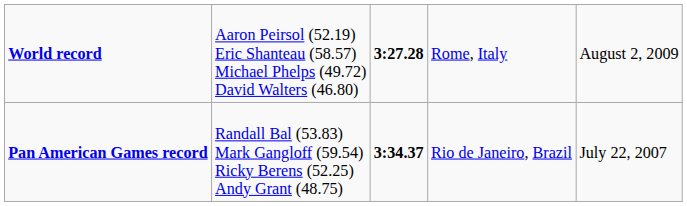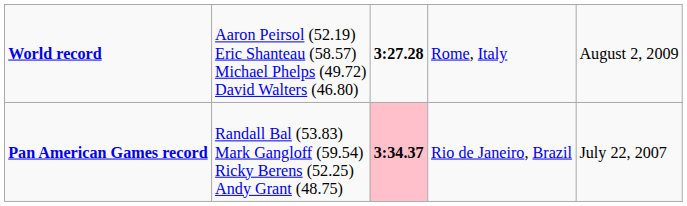 <table class="wikitable">
 <tr>
 <td><strong><a href='#'>World record</a></strong></td>
 <td><br><a href='#'>Aaron Peirsol</a> (52.19)<br><a href='#'>Eric Shanteau</a> (58.57)<br><a href='#'>Michael Phelps</a> (49.72)<br><a href='#'>David Walters</a> (46.80)</td>
 <td><strong>3:27.28</strong></td>
 <td><a href='#'>Rome</a>, <a href='#'>Italy</a></td>
 <td>August 2, 2009</td>
 </tr>
 <tr>
 <td><strong><a href='#'>Pan American Games record</a></strong></td>
 <td><br><a href='#'>Randall Bal</a> (53.83)<br><a href='#'>Mark Gangloff</a> (59.54)<br><a href='#'>Ricky Berens</a> (52.25)<br><a href='#'>Andy Grant</a> (48.75)</td>
-<td><strong>3:34.37</strong></td>
+<td style="background: pink;"><strong>3:34.37</strong></td>
 <td><a href='#'>Rio de Janeiro</a>, <a href='#'>Brazil</a></td>
 <td>July 22, 2007</td>
 </tr>
 </table>
